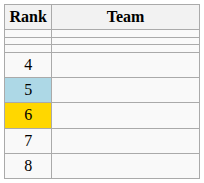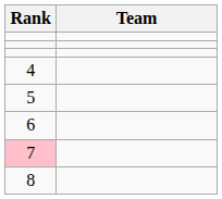 <table class="wikitable" style="text-align:center;">
 <tr>
 <th width=40>Rank</th>
 <th width=140>Team</th>
 </tr>
 <tr>
 <td></td>
 <td style="text-align:left;"></td>
 </tr>
 <tr>
 <td></td>
 <td style="text-align:left;"></td>
 </tr>
 <tr>
 <td></td>
 <td style="text-align:left;"></td>
 </tr>
 <tr>
 <td>4</td>
 <td style="text-align:left;"></td>
 </tr>
 <tr>
-<td style="background: lightblue;">5</td>
+<td>5</td>
 <td style="text-align:left;"></td>
 </tr>
 <tr>
-<td style="background: gold;">6</td>
+<td>6</td>
 <td style="text-align:left;"></td>
 </tr>
 <tr>
-<td>7</td>
+<td style="background: pink;">7</td>
 <td style="text-align:left;"></td>
 </tr>
 <tr>
 <td>8</td>
 <td style="text-align:left;"></td>
 </tr>
 </table>
